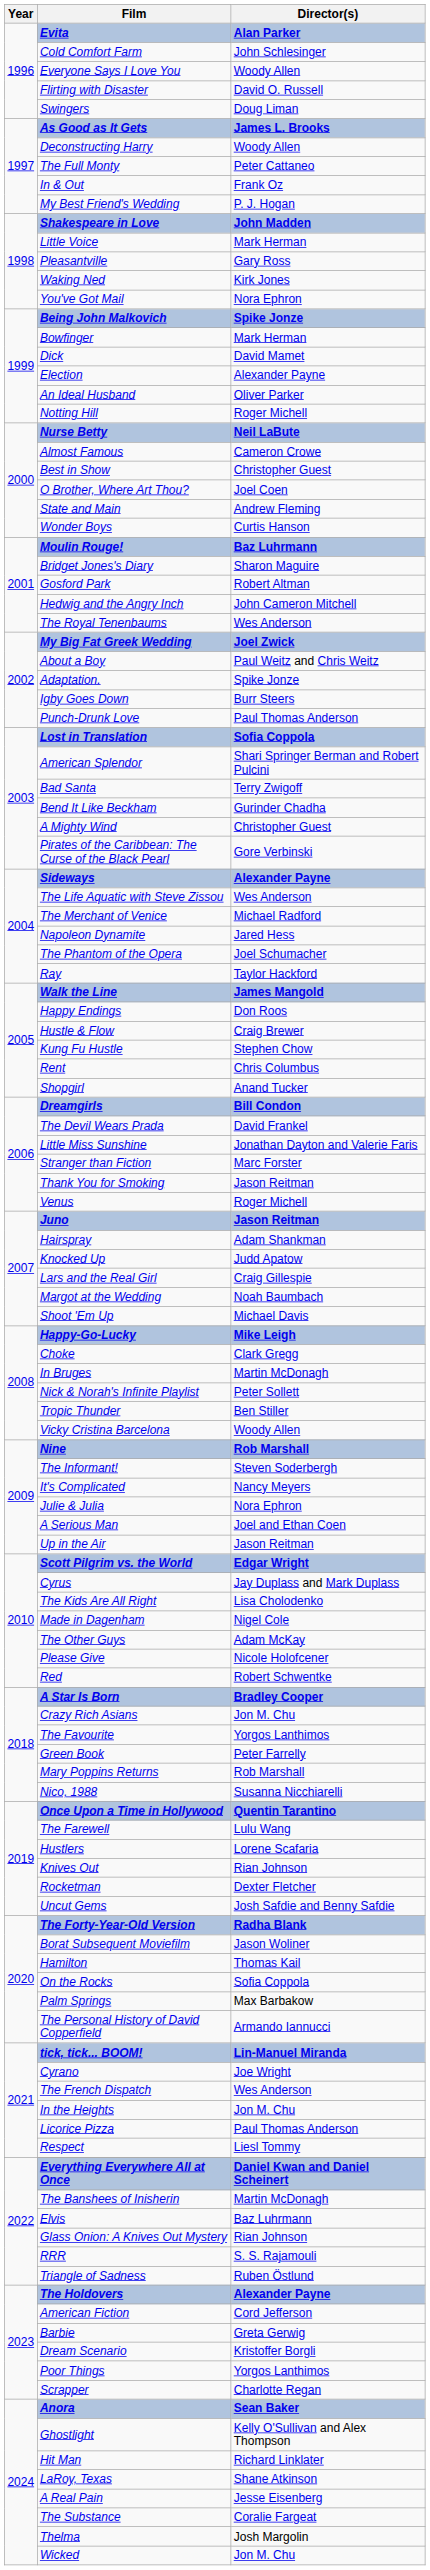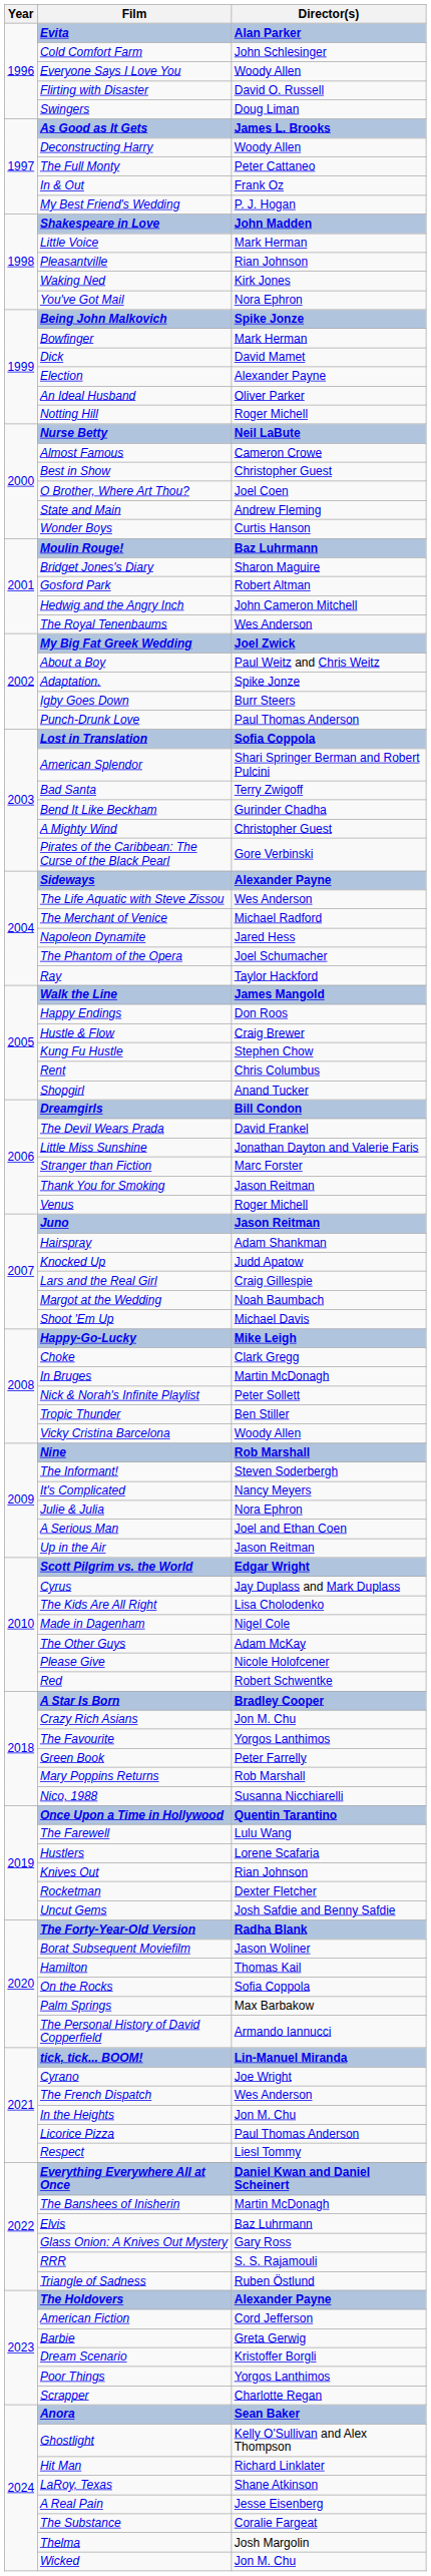 <table class="wikitable" width="90%" cellpadding="5">
 <tr>
 <th width="5%">Year</th>
 <th width="45%">Film</th>
 <th width="45%">Director(s)</th>
 </tr>
 <tr>
 <td rowspan="5" style="text-align:center;"><a href='#'>1996</a><br></td>
 <td style="background:#B0C4DE;"><strong><em><a href='#'>Evita</a></em></strong></td>
 <td style="background:#B0C4DE;"><strong><a href='#'>Alan Parker</a></strong></td>
 </tr>
 <tr>
 <td><em><a href='#'>Cold Comfort Farm</a></em></td>
 <td><a href='#'>John Schlesinger</a></td>
 </tr>
 <tr>
 <td><em><a href='#'>Everyone Says I Love You</a></em></td>
 <td><a href='#'>Woody Allen</a></td>
 </tr>
 <tr>
 <td><em><a href='#'>Flirting with Disaster</a></em></td>
 <td><a href='#'>David O. Russell</a></td>
 </tr>
 <tr>
 <td><em><a href='#'>Swingers</a></em></td>
 <td><a href='#'>Doug Liman</a></td>
 </tr>
 <tr>
 <td rowspan="5" style="text-align:center;"><a href='#'>1997</a><br></td>
 <td style="background:#B0C4DE;"><strong><em><a href='#'>As Good as It Gets</a></em></strong></td>
 <td style="background:#B0C4DE;"><strong><a href='#'>James L. Brooks</a></strong></td>
 </tr>
 <tr>
 <td><em><a href='#'>Deconstructing Harry</a></em></td>
 <td><a href='#'>Woody Allen</a></td>
 </tr>
 <tr>
 <td><em><a href='#'>The Full Monty</a></em></td>
 <td><a href='#'>Peter Cattaneo</a></td>
 </tr>
 <tr>
 <td><em><a href='#'>In & Out</a></em></td>
 <td><a href='#'>Frank Oz</a></td>
 </tr>
 <tr>
 <td><em><a href='#'>My Best Friend's Wedding</a></em></td>
 <td><a href='#'>P. J. Hogan</a></td>
 </tr>
 <tr>
 <td rowspan="5" style="text-align:center;"><a href='#'>1998</a><br></td>
 <td style="background:#B0C4DE;"><strong><em><a href='#'>Shakespeare in Love</a></em></strong></td>
 <td style="background:#B0C4DE;"><strong><a href='#'>John Madden</a></strong></td>
 </tr>
 <tr>
 <td><em><a href='#'>Little Voice</a></em></td>
 <td><a href='#'>Mark Herman</a></td>
 </tr>
 <tr>
 <td><em><a href='#'>Pleasantville</a></em></td>
-<td><a href='#'>Gary Ross</a></td>
+<td><a href='#'>Rian Johnson</a></td>
 </tr>
 <tr>
 <td><em><a href='#'>Waking Ned</a></em></td>
 <td><a href='#'>Kirk Jones</a></td>
 </tr>
 <tr>
 <td><em><a href='#'>You've Got Mail</a></em></td>
 <td><a href='#'>Nora Ephron</a></td>
 </tr>
 <tr>
 <td rowspan="6" style="text-align:center;"><a href='#'>1999</a><br></td>
 <td style="background:#B0C4DE;"><strong><em><a href='#'>Being John Malkovich</a></em></strong></td>
 <td style="background:#B0C4DE;"><strong><a href='#'>Spike Jonze</a></strong></td>
 </tr>
 <tr>
 <td><em><a href='#'>Bowfinger</a></em></td>
 <td><a href='#'>Mark Herman</a></td>
 </tr>
 <tr>
 <td><em><a href='#'>Dick</a></em></td>
 <td><a href='#'>David Mamet</a></td>
 </tr>
 <tr>
 <td><em><a href='#'>Election</a></em></td>
 <td><a href='#'>Alexander Payne</a></td>
 </tr>
 <tr>
 <td><em><a href='#'>An Ideal Husband</a></em></td>
 <td><a href='#'>Oliver Parker</a></td>
 </tr>
 <tr>
 <td><em><a href='#'>Notting Hill</a></em></td>
 <td><a href='#'>Roger Michell</a></td>
 </tr>
 <tr>
 <td rowspan="6" style="text-align:center;"><a href='#'>2000</a><br></td>
 <td style="background:#B0C4DE;"><strong><em><a href='#'>Nurse Betty</a></em></strong></td>
 <td style="background:#B0C4DE;"><strong><a href='#'>Neil LaBute</a></strong></td>
 </tr>
 <tr>
 <td><em><a href='#'>Almost Famous</a></em></td>
 <td><a href='#'>Cameron Crowe</a></td>
 </tr>
 <tr>
 <td><em><a href='#'>Best in Show</a></em></td>
 <td><a href='#'>Christopher Guest</a></td>
 </tr>
 <tr>
 <td><em><a href='#'>O Brother, Where Art Thou?</a></em></td>
 <td><a href='#'>Joel Coen</a></td>
 </tr>
 <tr>
 <td><em><a href='#'>State and Main</a></em></td>
 <td><a href='#'>Andrew Fleming</a></td>
 </tr>
 <tr>
 <td><em><a href='#'>Wonder Boys</a></em></td>
 <td><a href='#'>Curtis Hanson</a></td>
 </tr>
 <tr>
 <td rowspan="5" style="text-align:center;"><a href='#'>2001</a><br></td>
 <td style="background:#B0C4DE;"><strong><em><a href='#'>Moulin Rouge!</a></em></strong></td>
 <td style="background:#B0C4DE;"><strong><a href='#'>Baz Luhrmann</a></strong></td>
 </tr>
 <tr>
 <td><em><a href='#'>Bridget Jones's Diary</a></em></td>
 <td><a href='#'>Sharon Maguire</a></td>
 </tr>
 <tr>
 <td><em><a href='#'>Gosford Park</a></em></td>
 <td><a href='#'>Robert Altman</a></td>
 </tr>
 <tr>
 <td><em><a href='#'>Hedwig and the Angry Inch</a></em></td>
 <td><a href='#'>John Cameron Mitchell</a></td>
 </tr>
 <tr>
 <td><em><a href='#'>The Royal Tenenbaums</a></em></td>
 <td><a href='#'>Wes Anderson</a></td>
 </tr>
 <tr>
 <td rowspan="5" style="text-align:center;"><a href='#'>2002</a><br></td>
 <td style="background:#B0C4DE;"><strong><em><a href='#'>My Big Fat Greek Wedding</a></em></strong></td>
 <td style="background:#B0C4DE;"><strong><a href='#'>Joel Zwick</a></strong></td>
 </tr>
 <tr>
 <td><em><a href='#'>About a Boy</a></em></td>
 <td><a href='#'>Paul Weitz</a> and <a href='#'>Chris Weitz</a></td>
 </tr>
 <tr>
 <td><em><a href='#'>Adaptation.</a></em></td>
 <td><a href='#'>Spike Jonze</a></td>
 </tr>
 <tr>
 <td><em><a href='#'>Igby Goes Down</a></em></td>
 <td><a href='#'>Burr Steers</a></td>
 </tr>
 <tr>
 <td><em><a href='#'>Punch-Drunk Love</a></em></td>
 <td><a href='#'>Paul Thomas Anderson</a></td>
 </tr>
 <tr>
 <td rowspan="6" style="text-align:center;"><a href='#'>2003</a><br></td>
 <td style="background:#B0C4DE;"><strong><em><a href='#'>Lost in Translation</a></em></strong></td>
 <td style="background:#B0C4DE;"><strong><a href='#'>Sofia Coppola</a></strong></td>
 </tr>
 <tr>
 <td><em><a href='#'>American Splendor</a></em></td>
 <td><a href='#'>Shari Springer Berman and Robert Pulcini</a></td>
 </tr>
 <tr>
 <td><em><a href='#'>Bad Santa</a></em></td>
 <td><a href='#'>Terry Zwigoff</a></td>
 </tr>
 <tr>
 <td><em><a href='#'>Bend It Like Beckham</a></em></td>
 <td><a href='#'>Gurinder Chadha</a></td>
 </tr>
 <tr>
 <td><em><a href='#'>A Mighty Wind</a></em></td>
 <td><a href='#'>Christopher Guest</a></td>
 </tr>
 <tr>
 <td><em><a href='#'>Pirates of the Caribbean: The Curse of the Black Pearl</a></em></td>
 <td><a href='#'>Gore Verbinski</a></td>
 </tr>
 <tr>
 <td rowspan="6" style="text-align:center;"><a href='#'>2004</a><br></td>
 <td style="background:#B0C4DE;"><strong><em><a href='#'>Sideways</a></em></strong></td>
 <td style="background:#B0C4DE;"><strong><a href='#'>Alexander Payne</a></strong></td>
 </tr>
 <tr>
 <td><em><a href='#'>The Life Aquatic with Steve Zissou</a></em></td>
 <td><a href='#'>Wes Anderson</a></td>
 </tr>
 <tr>
 <td><em><a href='#'>The Merchant of Venice</a></em></td>
 <td><a href='#'>Michael Radford</a></td>
 </tr>
 <tr>
 <td><em><a href='#'>Napoleon Dynamite</a></em></td>
 <td><a href='#'>Jared Hess</a></td>
 </tr>
 <tr>
 <td><em><a href='#'>The Phantom of the Opera</a></em></td>
 <td><a href='#'>Joel Schumacher</a></td>
 </tr>
 <tr>
 <td><em><a href='#'>Ray</a></em></td>
 <td><a href='#'>Taylor Hackford</a></td>
 </tr>
 <tr>
 <td rowspan="6" style="text-align:center;"><a href='#'>2005</a><br></td>
 <td style="background:#B0C4DE;"><strong><em><a href='#'>Walk the Line</a></em></strong></td>
 <td style="background:#B0C4DE;"><strong><a href='#'>James Mangold</a></strong></td>
 </tr>
 <tr>
 <td><em><a href='#'>Happy Endings</a></em></td>
 <td><a href='#'>Don Roos</a></td>
 </tr>
 <tr>
 <td><em><a href='#'>Hustle & Flow</a></em></td>
 <td><a href='#'>Craig Brewer</a></td>
 </tr>
 <tr>
 <td><em><a href='#'>Kung Fu Hustle</a></em></td>
 <td><a href='#'>Stephen Chow</a></td>
 </tr>
 <tr>
 <td><em><a href='#'>Rent</a></em></td>
 <td><a href='#'>Chris Columbus</a></td>
 </tr>
 <tr>
 <td><em><a href='#'>Shopgirl</a></em></td>
 <td><a href='#'>Anand Tucker</a></td>
 </tr>
 <tr>
 <td rowspan="6" style="text-align:center;"><a href='#'>2006</a><br></td>
 <td style="background:#B0C4DE;"><strong><em><a href='#'>Dreamgirls</a></em></strong></td>
 <td style="background:#B0C4DE;"><strong><a href='#'>Bill Condon</a></strong></td>
 </tr>
 <tr>
 <td><em><a href='#'>The Devil Wears Prada</a></em></td>
 <td><a href='#'>David Frankel</a></td>
 </tr>
 <tr>
 <td><em><a href='#'>Little Miss Sunshine</a></em></td>
 <td><a href='#'>Jonathan Dayton and Valerie Faris</a></td>
 </tr>
 <tr>
 <td><em><a href='#'>Stranger than Fiction</a></em></td>
 <td><a href='#'>Marc Forster</a></td>
 </tr>
 <tr>
 <td><em><a href='#'>Thank You for Smoking</a></em></td>
 <td><a href='#'>Jason Reitman</a></td>
 </tr>
 <tr>
 <td><em><a href='#'>Venus</a></em></td>
 <td><a href='#'>Roger Michell</a></td>
 </tr>
 <tr>
 <td rowspan="6" style="text-align:center;"><a href='#'>2007</a><br></td>
 <td style="background:#B0C4DE;"><strong><em><a href='#'>Juno</a></em></strong></td>
 <td style="background:#B0C4DE;"><strong><a href='#'>Jason Reitman</a></strong></td>
 </tr>
 <tr>
 <td><em><a href='#'>Hairspray</a></em></td>
 <td><a href='#'>Adam Shankman</a></td>
 </tr>
 <tr>
 <td><em><a href='#'>Knocked Up</a></em></td>
 <td><a href='#'>Judd Apatow</a></td>
 </tr>
 <tr>
 <td><em><a href='#'>Lars and the Real Girl</a></em></td>
 <td><a href='#'>Craig Gillespie</a></td>
 </tr>
 <tr>
 <td><em><a href='#'>Margot at the Wedding</a></em></td>
 <td><a href='#'>Noah Baumbach</a></td>
 </tr>
 <tr>
 <td><em><a href='#'>Shoot 'Em Up</a></em></td>
 <td><a href='#'>Michael Davis</a></td>
 </tr>
 <tr>
 <td rowspan="6" style="text-align:center;"><a href='#'>2008</a><br></td>
 <td style="background:#B0C4DE;"><strong><em><a href='#'>Happy-Go-Lucky</a></em></strong></td>
 <td style="background:#B0C4DE;"><strong><a href='#'>Mike Leigh</a></strong></td>
 </tr>
 <tr>
 <td><em><a href='#'>Choke</a></em></td>
 <td><a href='#'>Clark Gregg</a></td>
 </tr>
 <tr>
 <td><em><a href='#'>In Bruges</a></em></td>
 <td><a href='#'>Martin McDonagh</a></td>
 </tr>
 <tr>
 <td><em><a href='#'>Nick & Norah's Infinite Playlist</a></em></td>
 <td><a href='#'>Peter Sollett</a></td>
 </tr>
 <tr>
 <td><em><a href='#'>Tropic Thunder</a></em></td>
 <td><a href='#'>Ben Stiller</a></td>
 </tr>
 <tr>
 <td><em><a href='#'>Vicky Cristina Barcelona</a></em></td>
 <td><a href='#'>Woody Allen</a></td>
 </tr>
 <tr>
 <td rowspan="6" style="text-align:center;"><a href='#'>2009</a><br></td>
 <td style="background:#B0C4DE;"><strong><em><a href='#'>Nine</a></em></strong></td>
 <td style="background:#B0C4DE;"><strong><a href='#'>Rob Marshall</a></strong></td>
 </tr>
 <tr>
 <td><em><a href='#'>The Informant!</a></em></td>
 <td><a href='#'>Steven Soderbergh</a></td>
 </tr>
 <tr>
 <td><em><a href='#'>It's Complicated</a></em></td>
 <td><a href='#'>Nancy Meyers</a></td>
 </tr>
 <tr>
 <td><em><a href='#'>Julie & Julia</a></em></td>
 <td><a href='#'>Nora Ephron</a></td>
 </tr>
 <tr>
 <td><em><a href='#'>A Serious Man</a></em></td>
 <td><a href='#'>Joel and Ethan Coen</a></td>
 </tr>
 <tr>
 <td><em><a href='#'>Up in the Air</a></em></td>
 <td><a href='#'>Jason Reitman</a></td>
 </tr>
 <tr>
 <td rowspan="7" style="text-align:center;"><a href='#'>2010</a><br></td>
 <td style="background:#B0C4DE;"><strong><em><a href='#'>Scott Pilgrim vs. the World</a></em></strong></td>
 <td style="background:#B0C4DE;"><strong><a href='#'>Edgar Wright</a></strong></td>
 </tr>
 <tr>
 <td><em><a href='#'>Cyrus</a></em></td>
 <td><a href='#'>Jay Duplass</a> and <a href='#'>Mark Duplass</a></td>
 </tr>
 <tr>
 <td><em><a href='#'>The Kids Are All Right</a></em></td>
 <td><a href='#'>Lisa Cholodenko</a></td>
 </tr>
 <tr>
 <td><em><a href='#'>Made in Dagenham</a></em></td>
 <td><a href='#'>Nigel Cole</a></td>
 </tr>
 <tr>
 <td><em><a href='#'>The Other Guys</a></em></td>
 <td><a href='#'>Adam McKay</a></td>
 </tr>
 <tr>
 <td><em><a href='#'>Please Give</a></em></td>
 <td><a href='#'>Nicole Holofcener</a></td>
 </tr>
 <tr>
 <td><em><a href='#'>Red</a></em></td>
 <td><a href='#'>Robert Schwentke</a></td>
 </tr>
 <tr>
 <td rowspan="6" style="text-align:center;"><a href='#'>2018</a><br></td>
 <td style="background:#B0C4DE;"><strong><em><a href='#'>A Star Is Born</a></em></strong></td>
 <td style="background:#B0C4DE;"><strong><a href='#'>Bradley Cooper</a></strong></td>
 </tr>
 <tr>
 <td><em><a href='#'>Crazy Rich Asians</a></em></td>
 <td><a href='#'>Jon M. Chu</a></td>
 </tr>
 <tr>
 <td><em><a href='#'>The Favourite</a></em></td>
 <td><a href='#'>Yorgos Lanthimos</a></td>
 </tr>
 <tr>
 <td><em><a href='#'>Green Book</a></em></td>
 <td><a href='#'>Peter Farrelly</a></td>
 </tr>
 <tr>
 <td><em><a href='#'>Mary Poppins Returns</a></em></td>
 <td><a href='#'>Rob Marshall</a></td>
 </tr>
 <tr>
 <td><em><a href='#'>Nico, 1988</a></em></td>
 <td><a href='#'>Susanna Nicchiarelli</a></td>
 </tr>
 <tr>
 <td rowspan="6" style="text-align:center;"><a href='#'>2019</a><br></td>
 <td style="background:#B0C4DE;"><strong><em><a href='#'>Once Upon a Time in Hollywood</a></em></strong></td>
 <td style="background:#B0C4DE;"><strong><a href='#'>Quentin Tarantino</a></strong></td>
 </tr>
 <tr>
 <td><em><a href='#'>The Farewell</a></em></td>
 <td><a href='#'>Lulu Wang</a></td>
 </tr>
 <tr>
 <td><em><a href='#'>Hustlers</a></em></td>
 <td><a href='#'>Lorene Scafaria</a></td>
 </tr>
 <tr>
 <td><em><a href='#'>Knives Out</a></em></td>
 <td><a href='#'>Rian Johnson</a></td>
 </tr>
 <tr>
 <td><em><a href='#'>Rocketman</a></em></td>
 <td><a href='#'>Dexter Fletcher</a></td>
 </tr>
 <tr>
 <td><em><a href='#'>Uncut Gems</a></em></td>
 <td><a href='#'>Josh Safdie and Benny Safdie</a></td>
 </tr>
 <tr>
 <td rowspan="6" style="text-align:center;"><a href='#'>2020</a><br></td>
 <td style="background:#B0C4DE;"><strong><em><a href='#'>The Forty-Year-Old Version</a></em></strong></td>
 <td style="background:#B0C4DE;"><strong><a href='#'>Radha Blank</a></strong></td>
 </tr>
 <tr>
 <td><em><a href='#'>Borat Subsequent Moviefilm</a></em></td>
 <td><a href='#'>Jason Woliner</a></td>
 </tr>
 <tr>
 <td><em><a href='#'>Hamilton</a></em></td>
 <td><a href='#'>Thomas Kail</a></td>
 </tr>
 <tr>
 <td><em><a href='#'>On the Rocks</a></em></td>
 <td><a href='#'>Sofia Coppola</a></td>
 </tr>
 <tr>
 <td><em><a href='#'>Palm Springs</a></em></td>
 <td>Max Barbakow</td>
 </tr>
 <tr>
 <td><em><a href='#'>The Personal History of David Copperfield</a></em></td>
 <td><a href='#'>Armando Iannucci</a></td>
 </tr>
 <tr>
 <td rowspan="6" style="text-align:center;"><a href='#'>2021</a><br></td>
 <td style="background:#B0C4DE;"><strong><em><a href='#'>tick, tick... BOOM!</a></em></strong></td>
 <td style="background:#B0C4DE;"><strong><a href='#'>Lin-Manuel Miranda</a></strong></td>
 </tr>
 <tr>
 <td><em><a href='#'>Cyrano</a></em></td>
 <td><a href='#'>Joe Wright</a></td>
 </tr>
 <tr>
 <td><em><a href='#'>The French Dispatch</a></em></td>
 <td><a href='#'>Wes Anderson</a></td>
 </tr>
 <tr>
 <td><em><a href='#'>In the Heights</a></em></td>
 <td><a href='#'>Jon M. Chu</a></td>
 </tr>
 <tr>
 <td><em><a href='#'>Licorice Pizza</a></em></td>
 <td><a href='#'>Paul Thomas Anderson</a></td>
 </tr>
 <tr>
 <td><em><a href='#'>Respect</a></em></td>
 <td><a href='#'>Liesl Tommy</a></td>
 </tr>
 <tr>
 <td rowspan="7" style="text-align:center;"><a href='#'>2022</a></td>
 </tr>
 <tr>
 <td style="background:#B0C4DE;"><strong><em><a href='#'>Everything Everywhere All at Once</a></em></strong></td>
 <td style="background:#B0C4DE;"><strong><a href='#'>Daniel Kwan and Daniel Scheinert</a></strong></td>
 </tr>
 <tr>
 <td><em><a href='#'>The Banshees of Inisherin</a></em></td>
 <td><a href='#'>Martin McDonagh</a></td>
 </tr>
 <tr>
 <td><em><a href='#'>Elvis</a></em></td>
 <td><a href='#'>Baz Luhrmann</a></td>
 </tr>
 <tr>
 <td><em><a href='#'>Glass Onion: A Knives Out Mystery</a></em></td>
-<td><a href='#'>Rian Johnson</a></td>
+<td><a href='#'>Gary Ross</a></td>
 </tr>
 <tr>
 <td><em><a href='#'>RRR</a></em></td>
 <td><a href='#'>S. S. Rajamouli</a></td>
 </tr>
 <tr>
 <td><em><a href='#'>Triangle of Sadness</a></em></td>
 <td><a href='#'>Ruben Östlund</a></td>
 </tr>
 <tr>
 <td rowspan="6" style="text-align:center;"><a href='#'>2023</a></td>
 <td style="background:#B0C4DE;"><strong><em><a href='#'>The Holdovers</a></em></strong></td>
 <td style="background:#B0C4DE;"><strong><a href='#'>Alexander Payne</a></strong></td>
 </tr>
 <tr>
 <td><em><a href='#'>American Fiction</a></em></td>
 <td><a href='#'>Cord Jefferson</a></td>
 </tr>
 <tr>
 <td><em><a href='#'>Barbie</a></em></td>
 <td><a href='#'>Greta Gerwig</a></td>
 </tr>
 <tr>
 <td><em><a href='#'>Dream Scenario</a></em></td>
 <td><a href='#'>Kristoffer Borgli</a></td>
 </tr>
 <tr>
 <td><em><a href='#'>Poor Things</a></em></td>
 <td><a href='#'>Yorgos Lanthimos</a></td>
 </tr>
 <tr>
 <td><em><a href='#'>Scrapper</a></em></td>
 <td><a href='#'>Charlotte Regan</a></td>
 </tr>
 <tr>
 <td rowspan="8" style="text-align:center;"><a href='#'>2024</a></td>
 <td style="background:#B0C4DE;"><strong><em><a href='#'>Anora</a></em></strong></td>
 <td style="background:#B0C4DE;"><strong><a href='#'>Sean Baker</a></strong></td>
 </tr>
 <tr>
 <td><em><a href='#'>Ghostlight</a></em></td>
 <td><a href='#'>Kelly O'Sullivan</a> and Alex Thompson</td>
 </tr>
 <tr>
 <td><em><a href='#'>Hit Man</a></em></td>
 <td><a href='#'>Richard Linklater</a></td>
 </tr>
 <tr>
 <td><em><a href='#'>LaRoy, Texas</a></em></td>
 <td><a href='#'>Shane Atkinson</a></td>
 </tr>
 <tr>
 <td><em><a href='#'>A Real Pain</a></em></td>
 <td><a href='#'>Jesse Eisenberg</a></td>
 </tr>
 <tr>
 <td><em><a href='#'>The Substance</a></em></td>
 <td><a href='#'>Coralie Fargeat</a></td>
 </tr>
 <tr>
 <td><em><a href='#'>Thelma</a></em></td>
 <td>Josh Margolin</td>
 </tr>
 <tr>
 <td><em><a href='#'>Wicked</a></em></td>
 <td><a href='#'>Jon M. Chu</a></td>
 </tr>
 </table>
